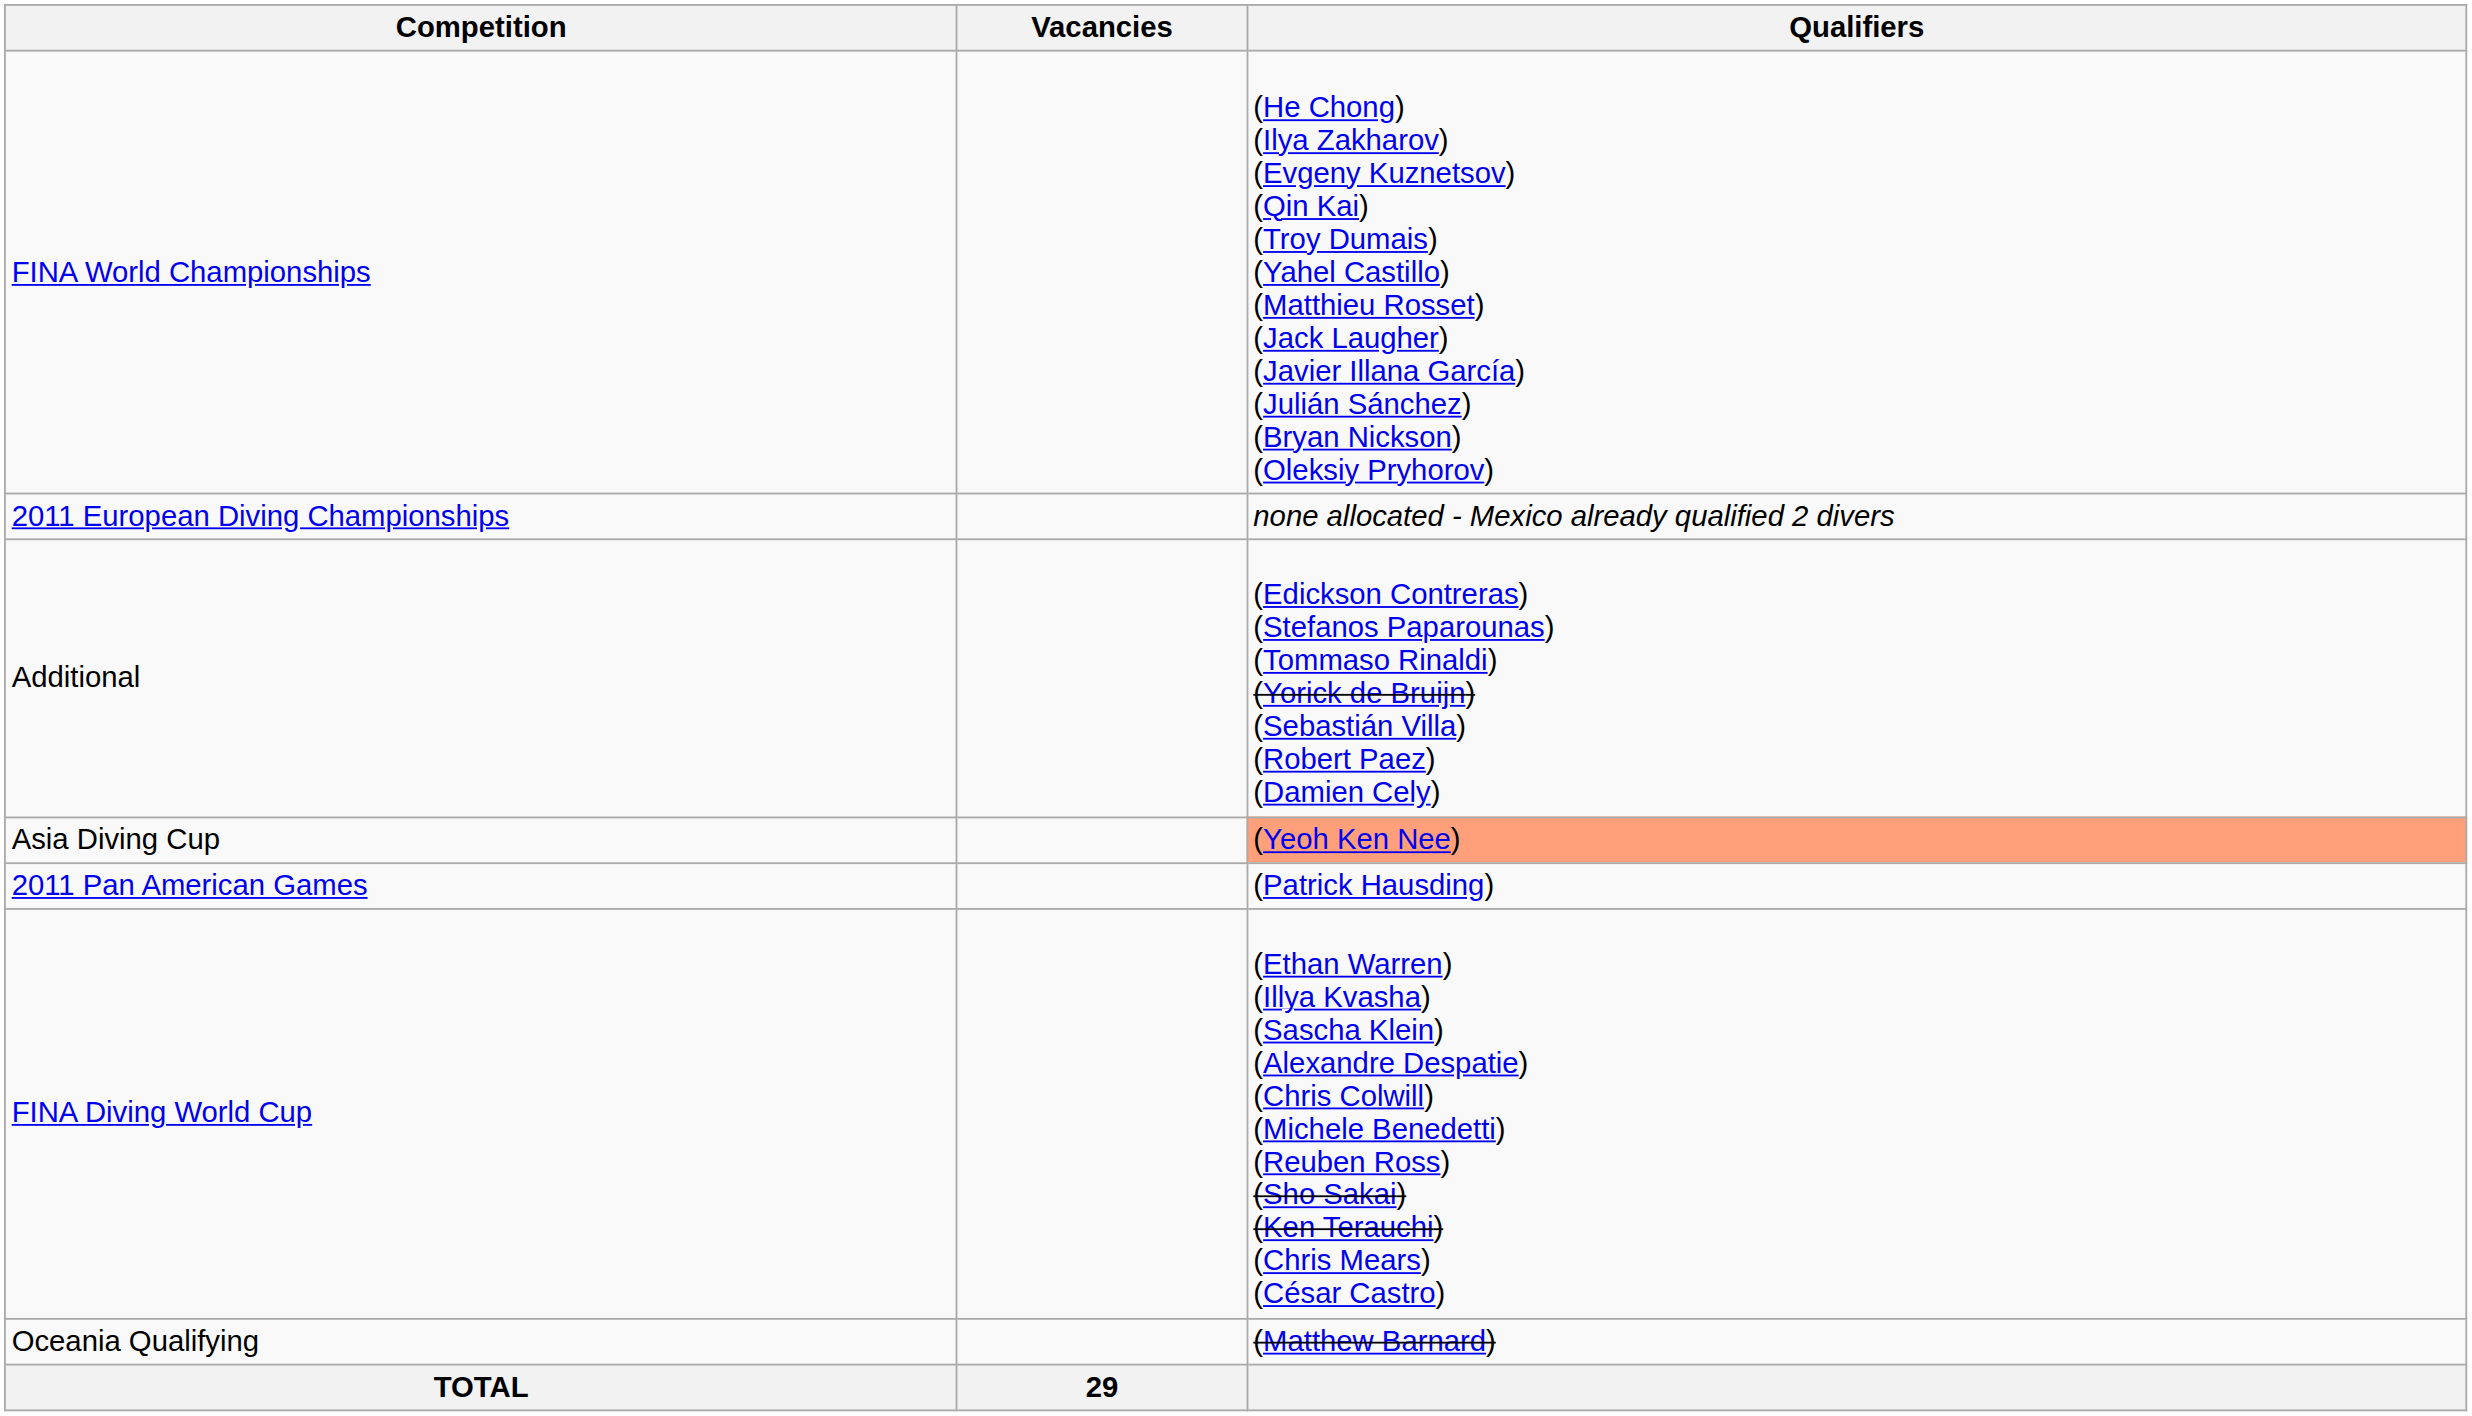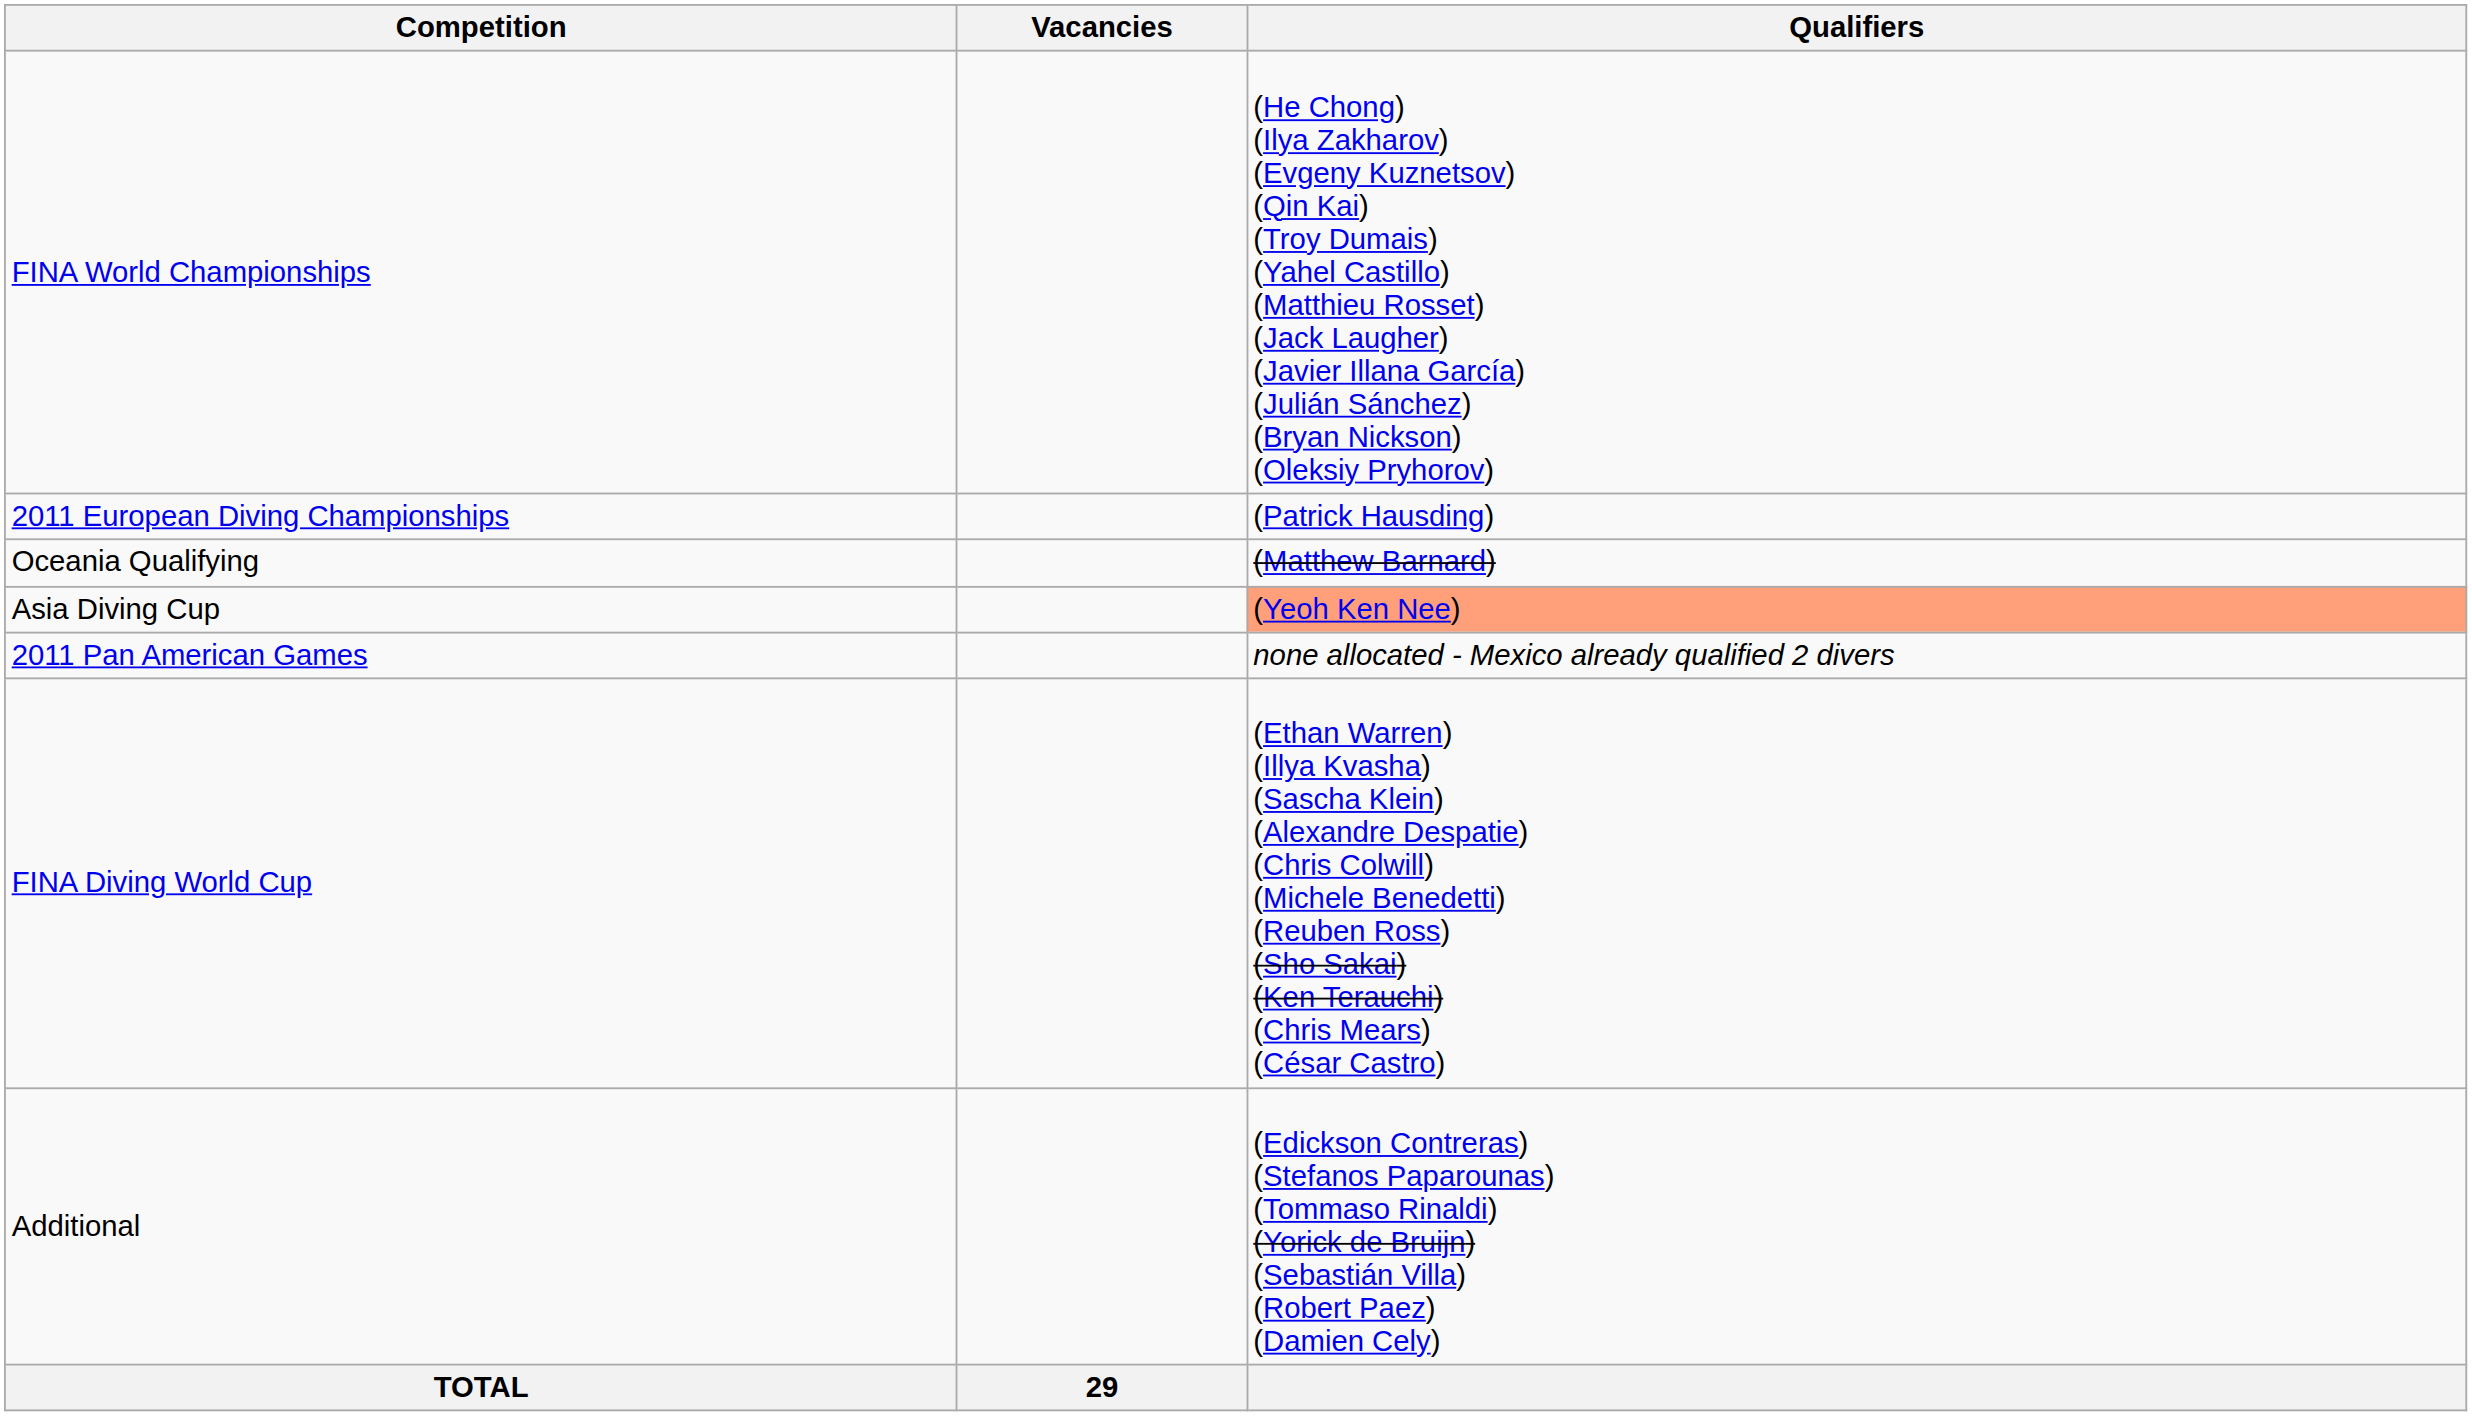 <table class="wikitable" width=85%>
 <tr>
 <th>Competition</th>
 <th>Vacancies</th>
 <th>Qualifiers</th>
 </tr>
 <tr>
 <td><a href='#'>FINA World Championships</a></td>
 <td></td>
 <td><br> (<a href='#'>He Chong</a>)<br>  (<a href='#'>Ilya Zakharov</a>)<br>  (<a href='#'>Evgeny Kuznetsov</a>)<br>  (<a href='#'>Qin Kai</a>)<br>  (<a href='#'>Troy Dumais</a>)<br>  (<a href='#'>Yahel Castillo</a>)<br>  (<a href='#'>Matthieu Rosset</a>)<br>  (<a href='#'>Jack Laugher</a>)<br>  (<a href='#'>Javier Illana García</a>)<br>  (<a href='#'>Julián Sánchez</a>)<br>  (<a href='#'>Bryan Nickson</a>)<br>  (<a href='#'>Oleksiy Pryhorov</a>)</td>
 </tr>
 <tr>
 <td><a href='#'>2011 European Diving Championships</a></td>
 <td></td>
-<td><em>none allocated - Mexico already qualified 2 divers</em></td>
+<td> (<a href='#'>Patrick Hausding</a>)</td>
 </tr>
 <tr>
-<td>Additional</td>
+<td>Oceania Qualifying</td>
 <td></td>
-<td><br> (<a href='#'>Edickson Contreras</a>)<br>  (<a href='#'>Stefanos Paparounas</a>)<br>  (<a href='#'>Tommaso Rinaldi</a>)<br> <s> (<a href='#'>Yorick de Bruijn</a>)</s><br>  (<a href='#'>Sebastián Villa</a>)<br>  (<a href='#'>Robert Paez</a>)<br>  (<a href='#'>Damien Cely</a>)<br></td>
+<td><s> (<a href='#'>Matthew Barnard</a>)</s></td>
 </tr>
 <tr>
 <td>Asia Diving Cup</td>
 <td></td>
 <td style="background: lightsalmon;"> (<a href='#'>Yeoh Ken Nee</a>)</td>
 </tr>
 <tr>
 <td><a href='#'>2011 Pan American Games</a></td>
 <td></td>
-<td> (<a href='#'>Patrick Hausding</a>)</td>
+<td><em>none allocated - Mexico already qualified 2 divers</em></td>
 </tr>
 <tr>
 <td><a href='#'>FINA Diving World Cup</a></td>
 <td></td>
 <td><br> (<a href='#'>Ethan Warren</a>)<br>  (<a href='#'>Illya Kvasha</a>)<br>  (<a href='#'>Sascha Klein</a>)<br>  (<a href='#'>Alexandre Despatie</a>)<br>  (<a href='#'>Chris Colwill</a>)<br>  (<a href='#'>Michele Benedetti</a>)<br>  (<a href='#'>Reuben Ross</a>)<br> <s> (<a href='#'>Sho Sakai</a>)</s><br> <s> (<a href='#'>Ken Terauchi</a>)</s><br>  (<a href='#'>Chris Mears</a>)<br>  (<a href='#'>César Castro</a>)<br></td>
 </tr>
 <tr>
-<td>Oceania Qualifying</td>
+<td>Additional</td>
 <td></td>
-<td><s> (<a href='#'>Matthew Barnard</a>)</s></td>
+<td><br> (<a href='#'>Edickson Contreras</a>)<br>  (<a href='#'>Stefanos Paparounas</a>)<br>  (<a href='#'>Tommaso Rinaldi</a>)<br> <s> (<a href='#'>Yorick de Bruijn</a>)</s><br>  (<a href='#'>Sebastián Villa</a>)<br>  (<a href='#'>Robert Paez</a>)<br>  (<a href='#'>Damien Cely</a>)<br></td>
 </tr>
 <tr>
 <th>TOTAL</th>
 <th>29</th>
 <th></th>
 </tr>
 </table>
